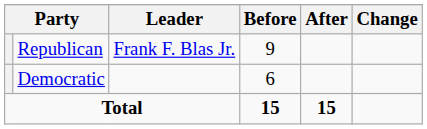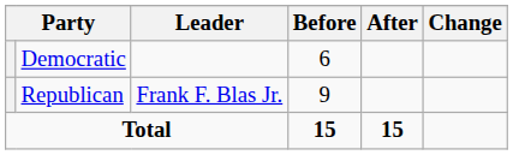 <table class="wikitable" style="text-align:center;">
 <tr>
 </tr>
 <tr>
 <th colspan="2">Party</th>
 <th>Leader</th>
 <th>Before</th>
 <th>After</th>
 <th>Change</th>
 </tr>
 <tr>
 <th style="background-color:"></th>
-<td style="text-align:left;"><a href='#'>Republican</a></td>
-<td style="text-align:left;"><a href='#'>Frank F. Blas Jr.</a></td>
-<td>9</td>
+<td style="text-align:left;"><a href='#'>Democratic</a></td>
+<td style="text-align:left;"></td>
+<td>6</td>
 <td></td>
 <td></td>
 </tr>
 <tr>
 <th style="background-color:"></th>
-<td style="text-align:left;"><a href='#'>Democratic</a></td>
-<td style="text-align:left;"></td>
-<td>6</td>
+<td style="text-align:left;"><a href='#'>Republican</a></td>
+<td style="text-align:left;"><a href='#'>Frank F. Blas Jr.</a></td>
+<td>9</td>
 <td></td>
 <td></td>
 </tr>
 <tr>
 <td colspan="3"><strong>Total</strong></td>
 <td><strong>15</strong></td>
 <td><strong>15</strong></td>
 <td></td>
 </tr>
 </table>
